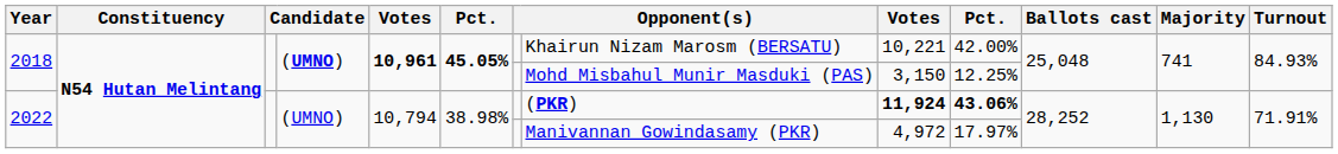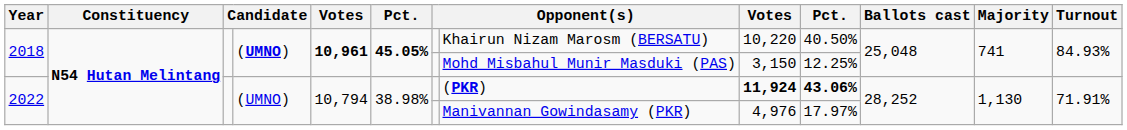 <table class="wikitable" style="margin:0.5em ; font-size:95%">
 <tr>
 <th>Year</th>
 <th>Constituency</th>
 <th colspan="2">Candidate</th>
 <th>Votes</th>
 <th>Pct.</th>
 <th colspan="2">Opponent(s)</th>
 <th>Votes</th>
 <th>Pct.</th>
 <th>Ballots cast</th>
 <th>Majority</th>
 <th>Turnout</th>
 </tr>
 <tr>
 <td rowspan="2"><a href='#'>2018</a></td>
 <td rowspan=4><strong>N54 <a href='#'>Hutan Melintang</a></strong></td>
 <td rowspan="2" ></td>
 <td rowspan="2"> (<a href='#'><strong>UMNO</strong></a>)</td>
 <td rowspan="2" align=right><strong>10,961</strong></td>
 <td rowspan="2"><strong>45.05%</strong></td>
 <td></td>
 <td>Khairun Nizam Marosm (<a href='#'>BERSATU</a>)</td>
-<td align=right>10,221</td>
-<td>42.00%</td>
+<td align=right>10,220</td>
+<td>40.50%</td>
 <td rowspan="2">25,048</td>
 <td rowspan="2">741</td>
 <td rowspan="2">84.93%</td>
 </tr>
 <tr>
 <td></td>
 <td><a href='#'>Mohd Misbahul Munir Masduki</a> (<a href='#'>PAS</a>)</td>
 <td align=right>3,150</td>
 <td>12.25%</td>
 </tr>
 <tr>
 <td rowspan="2"><a href='#'>2022</a></td>
 <td rowspan="2" ></td>
 <td rowspan="2"> (<a href='#'>UMNO</a>)</td>
 <td rowspan="2" align=right>10,794</td>
 <td rowspan="2">38.98%</td>
 <td></td>
 <td> (<a href='#'><strong>PKR</strong></a>)</td>
 <td align=right><strong>11,924</strong></td>
 <td><strong>43.06%</strong></td>
 <td rowspan=2>28,252</td>
 <td rowspan=2>1,130</td>
 <td rowspan=2>71.91%</td>
 </tr>
 <tr>
 <td bgcolor=></td>
 <td><a href='#'>Manivannan Gowindasamy</a> (<a href='#'>PKR</a>)</td>
-<td align=right>4,972</td>
+<td align=right>4,976</td>
 <td>17.97%</td>
 </tr>
 </table>
